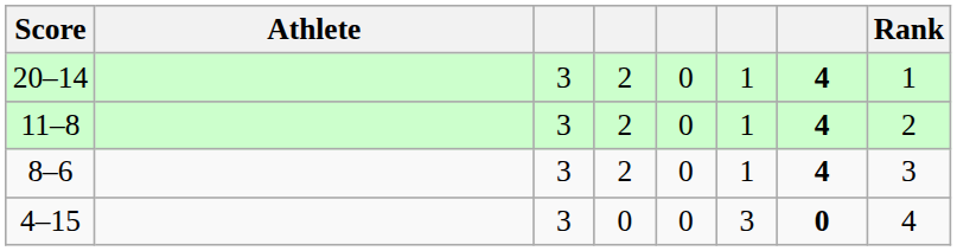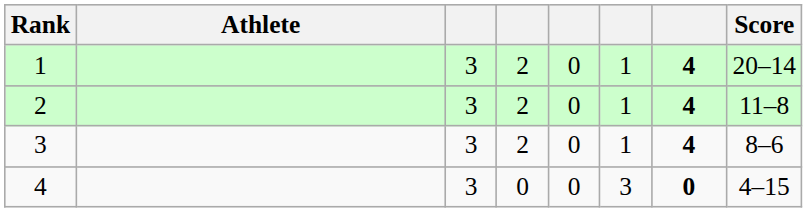 <table class="wikitable" style="text-align: center;">
 <tr>
-<th width=40>Score</th>
+<th width=25>Rank</th>
 <th width=225>Athlete</th>
 <th width=25></th>
 <th width=25></th>
 <th width=25></th>
 <th width=25></th>
 <th width=40></th>
-<th width=25>Rank</th>
+<th width=40>Score</th>
 </tr>
 <tr bgcolor=ccffcc>
-<td>20–14</td>
+<td>1</td>
 <td align=left></td>
 <td>3</td>
 <td>2</td>
 <td>0</td>
 <td>1</td>
 <td><strong>4</strong></td>
-<td>1</td>
+<td>20–14</td>
 </tr>
 <tr bgcolor=ccffcc>
-<td>11–8</td>
+<td>2</td>
 <td align=left></td>
 <td>3</td>
 <td>2</td>
 <td>0</td>
 <td>1</td>
 <td><strong>4</strong></td>
-<td>2</td>
+<td>11–8</td>
 </tr>
 <tr>
-<td>8–6</td>
+<td>3</td>
 <td align=left></td>
 <td>3</td>
 <td>2</td>
 <td>0</td>
 <td>1</td>
 <td><strong>4</strong></td>
-<td>3</td>
+<td>8–6</td>
 </tr>
 <tr>
-<td>4–15</td>
+<td>4</td>
 <td align=left></td>
 <td>3</td>
 <td>0</td>
 <td>0</td>
 <td>3</td>
 <td><strong>0</strong></td>
-<td>4</td>
+<td>4–15</td>
 </tr>
 </table>
